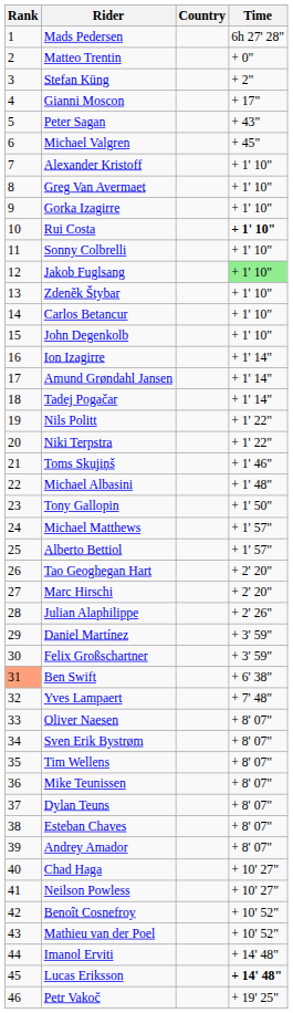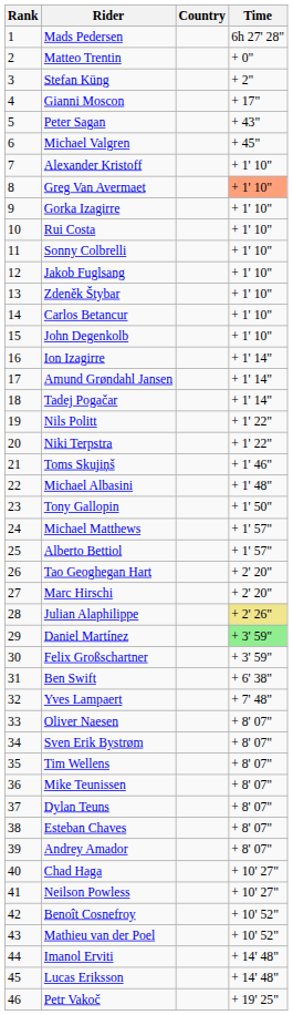 <table class="wikitable sortable" style="font-size:95%; text-align:left;">
 <tr>
 <th>Rank</th>
 <th>Rider</th>
 <th>Country</th>
 <th>Time</th>
 </tr>
 <tr>
 <td>1</td>
 <td><a href='#'>Mads Pedersen</a></td>
 <td></td>
 <td>6h 27' 28"</td>
 </tr>
 <tr>
 <td>2</td>
 <td><a href='#'>Matteo Trentin</a></td>
 <td></td>
 <td>+ 0"</td>
 </tr>
 <tr>
 <td>3</td>
 <td><a href='#'>Stefan Küng</a></td>
 <td></td>
 <td>+ 2"</td>
 </tr>
 <tr>
 <td>4</td>
 <td><a href='#'>Gianni Moscon</a></td>
 <td></td>
 <td>+ 17"</td>
 </tr>
 <tr>
 <td>5</td>
 <td><a href='#'>Peter Sagan</a></td>
 <td></td>
 <td>+ 43"</td>
 </tr>
 <tr>
 <td>6</td>
 <td><a href='#'>Michael Valgren</a></td>
 <td></td>
 <td>+ 45"</td>
 </tr>
 <tr>
 <td>7</td>
 <td><a href='#'>Alexander Kristoff</a></td>
 <td></td>
 <td>+ 1' 10"</td>
 </tr>
 <tr>
 <td>8</td>
 <td><a href='#'>Greg Van Avermaet</a></td>
 <td></td>
-<td>+ 1' 10"</td>
+<td style="background: lightsalmon;">+ 1' 10"</td>
 </tr>
 <tr>
 <td>9</td>
 <td><a href='#'>Gorka Izagirre</a></td>
 <td></td>
 <td>+ 1' 10"</td>
 </tr>
 <tr>
 <td>10</td>
 <td><a href='#'>Rui Costa</a></td>
 <td></td>
-<td><strong>+ 1' 10"</strong></td>
+<td>+ 1' 10"</td>
 </tr>
 <tr>
 <td>11</td>
 <td><a href='#'>Sonny Colbrelli</a></td>
 <td></td>
 <td>+ 1' 10"</td>
 </tr>
 <tr>
 <td>12</td>
 <td><a href='#'>Jakob Fuglsang</a></td>
 <td></td>
-<td style="background: lightgreen;">+ 1' 10"</td>
+<td>+ 1' 10"</td>
 </tr>
 <tr>
 <td>13</td>
 <td><a href='#'>Zdeněk Štybar</a></td>
 <td></td>
 <td>+ 1' 10"</td>
 </tr>
 <tr>
 <td>14</td>
 <td><a href='#'>Carlos Betancur</a></td>
 <td></td>
 <td>+ 1' 10"</td>
 </tr>
 <tr>
 <td>15</td>
 <td><a href='#'>John Degenkolb</a></td>
 <td></td>
 <td>+ 1' 10"</td>
 </tr>
 <tr>
 <td>16</td>
 <td><a href='#'>Ion Izagirre</a></td>
 <td></td>
 <td>+ 1' 14"</td>
 </tr>
 <tr>
 <td>17</td>
 <td><a href='#'>Amund Grøndahl Jansen</a></td>
 <td></td>
 <td>+ 1' 14"</td>
 </tr>
 <tr>
 <td>18</td>
 <td><a href='#'>Tadej Pogačar</a></td>
 <td></td>
 <td>+ 1' 14"</td>
 </tr>
 <tr>
 <td>19</td>
 <td><a href='#'>Nils Politt</a></td>
 <td></td>
 <td>+ 1' 22"</td>
 </tr>
 <tr>
 <td>20</td>
 <td><a href='#'>Niki Terpstra</a></td>
 <td></td>
 <td>+ 1' 22"</td>
 </tr>
 <tr>
 <td>21</td>
 <td><a href='#'>Toms Skujiņš</a></td>
 <td></td>
 <td>+ 1' 46"</td>
 </tr>
 <tr>
 <td>22</td>
 <td><a href='#'>Michael Albasini</a></td>
 <td></td>
 <td>+ 1' 48"</td>
 </tr>
 <tr>
 <td>23</td>
 <td><a href='#'>Tony Gallopin</a></td>
 <td></td>
 <td>+ 1' 50"</td>
 </tr>
 <tr>
 <td>24</td>
 <td><a href='#'>Michael Matthews</a></td>
 <td></td>
 <td>+ 1' 57"</td>
 </tr>
 <tr>
 <td>25</td>
 <td><a href='#'>Alberto Bettiol</a></td>
 <td></td>
 <td>+ 1' 57"</td>
 </tr>
 <tr>
 <td>26</td>
 <td><a href='#'>Tao Geoghegan Hart</a></td>
 <td></td>
 <td>+ 2' 20"</td>
 </tr>
 <tr>
 <td>27</td>
 <td><a href='#'>Marc Hirschi</a></td>
 <td></td>
 <td>+ 2' 20"</td>
 </tr>
 <tr>
 <td>28</td>
 <td><a href='#'>Julian Alaphilippe</a></td>
 <td></td>
-<td>+ 2' 26"</td>
+<td style="background: khaki;">+ 2' 26"</td>
 </tr>
 <tr>
 <td>29</td>
 <td><a href='#'>Daniel Martínez</a></td>
 <td></td>
-<td>+ 3' 59"</td>
+<td style="background: lightgreen;">+ 3' 59"</td>
 </tr>
 <tr>
 <td>30</td>
 <td><a href='#'>Felix Großschartner</a></td>
 <td></td>
 <td>+ 3' 59"</td>
 </tr>
 <tr>
-<td style="background: lightsalmon;">31</td>
+<td>31</td>
 <td><a href='#'>Ben Swift</a></td>
 <td></td>
 <td>+ 6' 38"</td>
 </tr>
 <tr>
 <td>32</td>
 <td><a href='#'>Yves Lampaert</a></td>
 <td></td>
 <td>+ 7' 48"</td>
 </tr>
 <tr>
 <td>33</td>
 <td><a href='#'>Oliver Naesen</a></td>
 <td></td>
 <td>+ 8' 07"</td>
 </tr>
 <tr>
 <td>34</td>
 <td><a href='#'>Sven Erik Bystrøm</a></td>
 <td></td>
 <td>+ 8' 07"</td>
 </tr>
 <tr>
 <td>35</td>
 <td><a href='#'>Tim Wellens</a></td>
 <td></td>
 <td>+ 8' 07"</td>
 </tr>
 <tr>
 <td>36</td>
 <td><a href='#'>Mike Teunissen</a></td>
 <td></td>
 <td>+ 8' 07"</td>
 </tr>
 <tr>
 <td>37</td>
 <td><a href='#'>Dylan Teuns</a></td>
 <td></td>
 <td>+ 8' 07"</td>
 </tr>
 <tr>
 <td>38</td>
 <td><a href='#'>Esteban Chaves</a></td>
 <td></td>
 <td>+ 8' 07"</td>
 </tr>
 <tr>
 <td>39</td>
 <td><a href='#'>Andrey Amador</a></td>
 <td></td>
 <td>+ 8' 07"</td>
 </tr>
 <tr>
 <td>40</td>
 <td><a href='#'>Chad Haga</a></td>
 <td></td>
 <td>+ 10' 27"</td>
 </tr>
 <tr>
 <td>41</td>
 <td><a href='#'>Neilson Powless</a></td>
 <td></td>
 <td>+ 10' 27"</td>
 </tr>
 <tr>
 <td>42</td>
 <td><a href='#'>Benoît Cosnefroy</a></td>
 <td></td>
 <td>+ 10' 52"</td>
 </tr>
 <tr>
 <td>43</td>
 <td><a href='#'>Mathieu van der Poel</a></td>
 <td></td>
 <td>+ 10' 52"</td>
 </tr>
 <tr>
 <td>44</td>
 <td><a href='#'>Imanol Erviti</a></td>
 <td></td>
 <td>+ 14' 48"</td>
 </tr>
 <tr>
 <td>45</td>
 <td><a href='#'>Lucas Eriksson</a></td>
 <td></td>
-<td><strong>+ 14' 48"</strong></td>
+<td>+ 14' 48"</td>
 </tr>
 <tr>
 <td>46</td>
 <td><a href='#'>Petr Vakoč</a></td>
 <td></td>
 <td>+ 19' 25"</td>
 </tr>
 </table>
